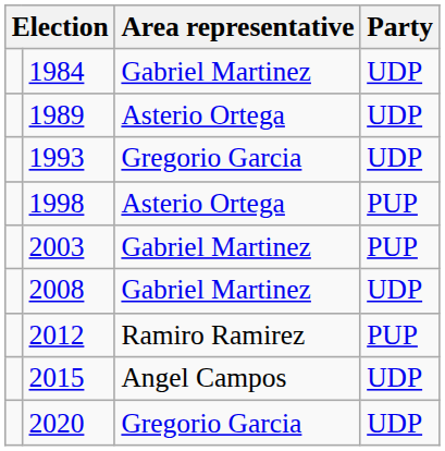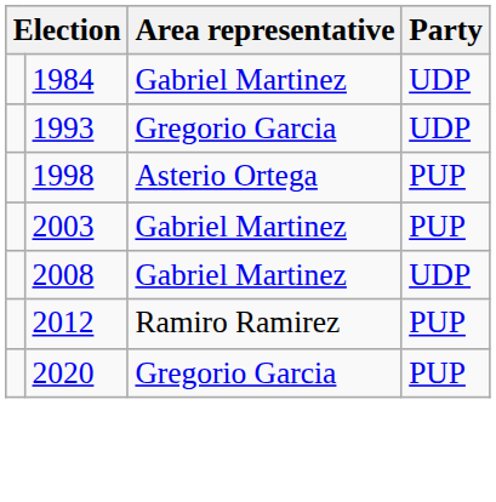 <table class="wikitable">
 <tr>
 <th colspan="2">Election</th>
 <th>Area representative</th>
 <th>Party</th>
 </tr>
 <tr>
 <td style="background-color: "></td>
 <td><a href='#'>1984</a></td>
 <td><a href='#'>Gabriel Martinez</a></td>
-<td><a href='#'>UDP</a></td>
-</tr>
-<tr>
-<td style="background-color: "></td>
-<td><a href='#'>1989</a></td>
-<td><a href='#'>Asterio Ortega</a></td>
 <td><a href='#'>UDP</a></td>
 </tr>
 <tr>
 <td style="background-color: "></td>
 <td><a href='#'>1993</a></td>
 <td><a href='#'>Gregorio Garcia</a></td>
 <td><a href='#'>UDP</a></td>
 </tr>
 <tr>
 <td style="background-color: "></td>
 <td><a href='#'>1998</a></td>
 <td><a href='#'>Asterio Ortega</a></td>
 <td><a href='#'>PUP</a></td>
 </tr>
 <tr>
 <td style="background-color: "></td>
 <td><a href='#'>2003</a></td>
 <td><a href='#'>Gabriel Martinez</a></td>
 <td><a href='#'>PUP</a></td>
 </tr>
 <tr>
 <td style="background-color: "></td>
 <td><a href='#'>2008</a></td>
 <td><a href='#'>Gabriel Martinez</a></td>
 <td><a href='#'>UDP</a></td>
 </tr>
 <tr>
 <td style="background-color: "></td>
 <td><a href='#'>2012</a></td>
 <td>Ramiro Ramirez</td>
 <td><a href='#'>PUP</a></td>
 </tr>
 <tr>
 <td style="background-color: "></td>
-<td><a href='#'>2015</a></td>
-<td>Angel Campos</td>
-<td><a href='#'>UDP</a></td>
-</tr>
-<tr>
-<td style="background-color: "></td>
 <td><a href='#'>2020</a></td>
 <td><a href='#'>Gregorio Garcia</a></td>
-<td><a href='#'>UDP</a></td>
+<td><a href='#'>PUP</a></td>
 </tr>
 </table>
